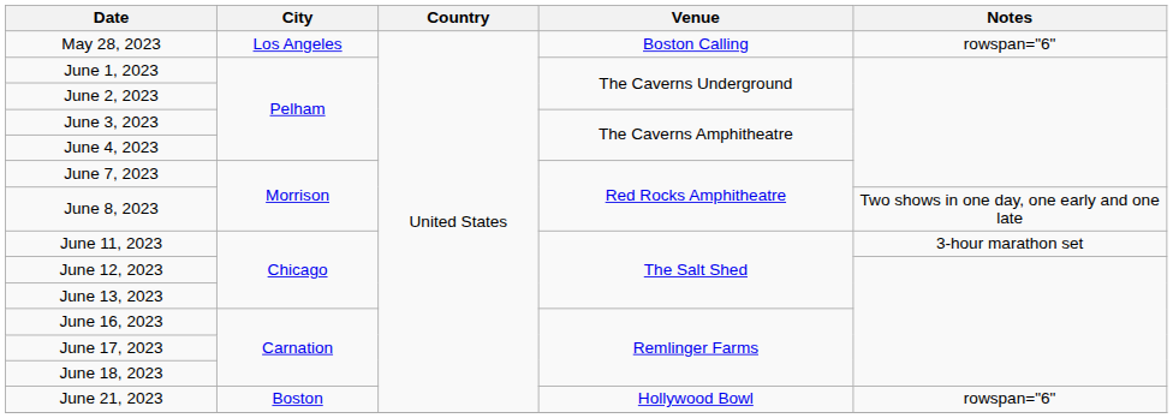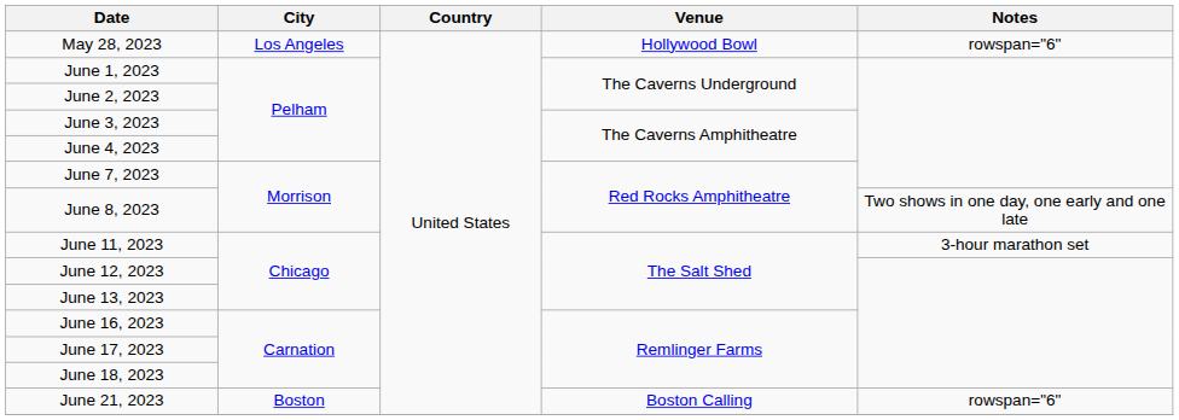 <table class="wikitable" style="text-align:center;">
 <tr>
 <th style="width:200px;">Date</th>
 <th style="width:150px;">City</th>
 <th style="width:150px;">Country</th>
 <th style="width:300px;">Venue</th>
 <th style="width:300px;">Notes</th>
 </tr>
 <tr>
 <td>May 28, 2023</td>
 <td><a href='#'>Los Angeles</a></td>
 <td rowspan="14">United States</td>
-<td><a href='#'>Boston Calling</a></td>
+<td><a href='#'>Hollywood Bowl</a></td>
 <td>rowspan="6" </td>
 </tr>
 <tr>
 <td>June 1, 2023</td>
 <td rowspan="4"><a href='#'>Pelham</a></td>
 <td rowspan="2">The Caverns Underground</td>
 </tr>
 <tr>
 <td>June 2, 2023</td>
 </tr>
 <tr>
 <td>June 3, 2023</td>
 <td rowspan="2">The Caverns Amphitheatre</td>
 </tr>
 <tr>
 <td>June 4, 2023</td>
 </tr>
 <tr>
 <td>June 7, 2023</td>
 <td rowspan="2"><a href='#'>Morrison</a></td>
 <td rowspan="2"><a href='#'>Red Rocks Amphitheatre</a></td>
 </tr>
 <tr>
 <td>June 8, 2023</td>
 <td>Two shows in one day, one early and one late</td>
 </tr>
 <tr>
 <td>June 11, 2023</td>
 <td rowspan="3"><a href='#'>Chicago</a></td>
 <td rowspan="3"><a href='#'>The Salt Shed</a></td>
 <td>3-hour marathon set</td>
 </tr>
 <tr>
 <td>June 12, 2023</td>
 </tr>
 <tr>
 <td>June 13, 2023</td>
 </tr>
 <tr>
 <td>June 16, 2023</td>
 <td rowspan="3"><a href='#'>Carnation</a></td>
 <td rowspan="3"><a href='#'>Remlinger Farms</a></td>
 </tr>
 <tr>
 <td>June 17, 2023</td>
 </tr>
 <tr>
 <td>June 18, 2023</td>
 </tr>
 <tr>
 <td>June 21, 2023</td>
 <td><a href='#'>Boston</a></td>
-<td><a href='#'>Hollywood Bowl</a></td>
+<td><a href='#'>Boston Calling</a></td>
 <td>rowspan="6" </td>
 </tr>
 <tr>
 </tr>
 </table>
